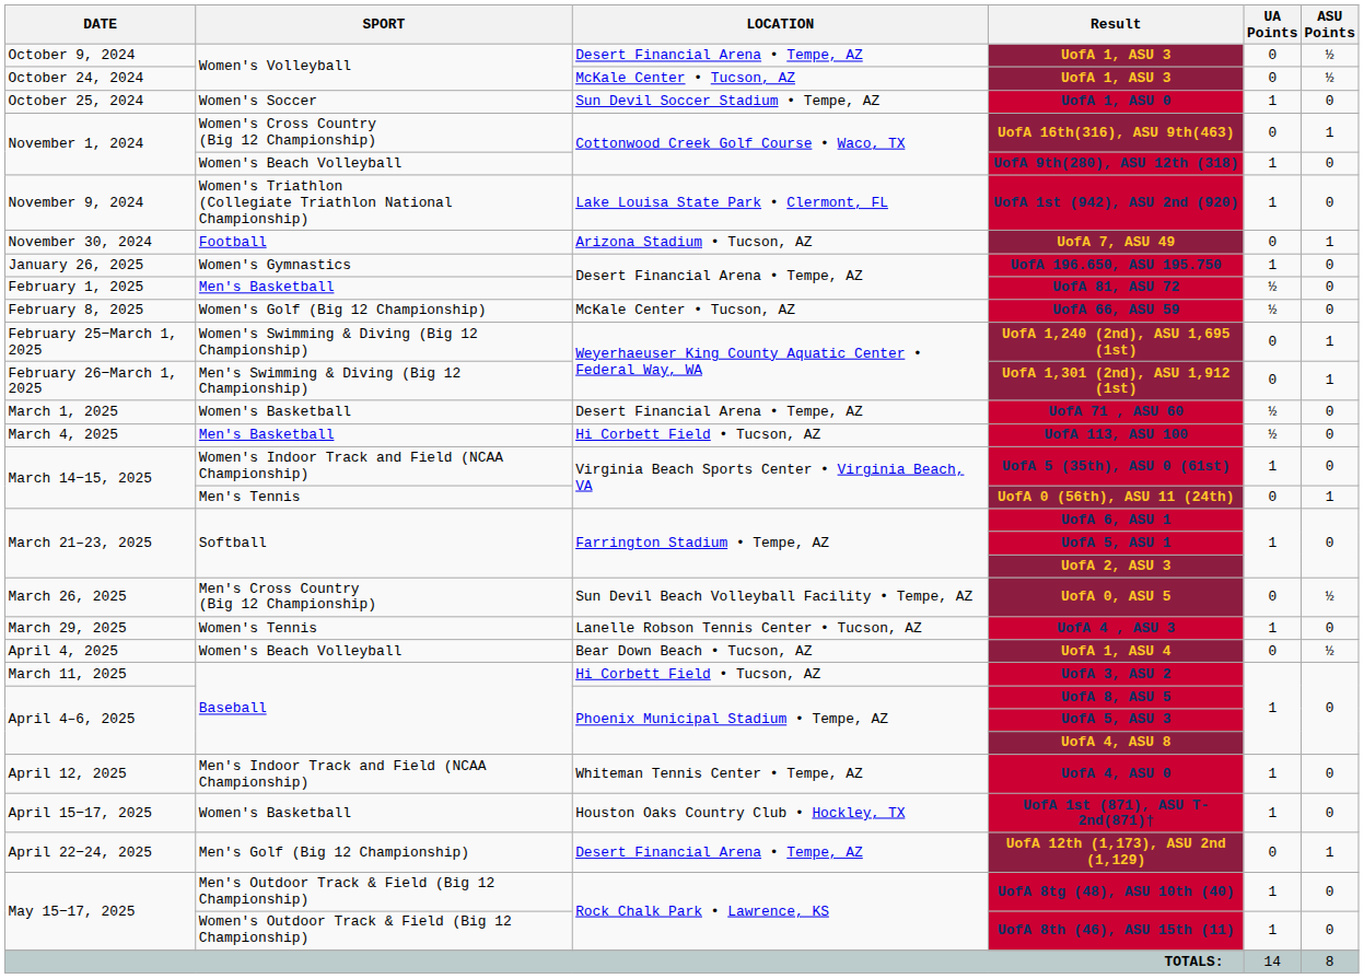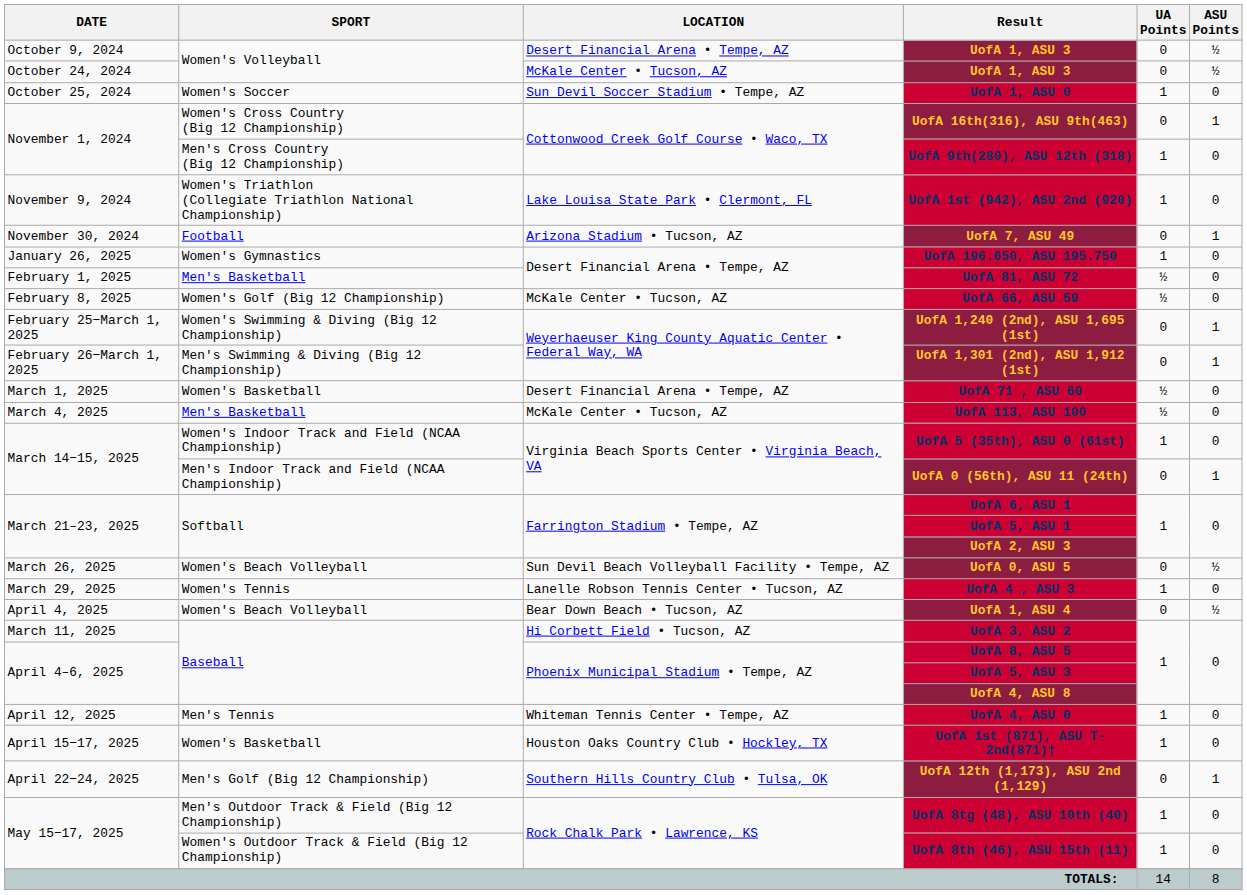 <table class=wikitable>
 <tr>
 <th>DATE</th>
 <th>SPORT</th>
 <th>LOCATION</th>
 <th>Result</th>
 <th>UA<br>Points</th>
 <th>ASU<br>Points</th>
 </tr>
 <tr>
 <td>October 9, 2024</td>
 <td rowspan=2>Women's Volleyball</td>
 <td><a href='#'>Desert Financial Arena</a> • <a href='#'>Tempe, AZ</a></td>
 <th style="background:#8C1D40; color:#FFC627;">UofA 1, ASU 3</th>
 <td align="center">0</td>
 <td align="center">½</td>
 </tr>
 <tr>
 <td>October 24, 2024</td>
 <td><a href='#'>McKale Center</a> • <a href='#'>Tucson, AZ</a></td>
 <th style="background:#8C1D40; color:#FFC627;">UofA 1, ASU 3</th>
 <td align="center">0</td>
 <td align="center">½</td>
 </tr>
 <tr>
 <td>October 25, 2024</td>
 <td>Women's Soccer</td>
 <td><a href='#'>Sun Devil Soccer Stadium</a> • Tempe, AZ</td>
 <th style="background:#CC0033; color:#003366;">UofA 1, ASU 0</th>
 <td align="center">1</td>
 <td align="center">0</td>
 </tr>
 <tr>
 <td rowspan=2>November 1, 2024</td>
 <td>Women's Cross Country<br>(Big 12 Championship)</td>
 <td rowspan=2><a href='#'>Cottonwood Creek Golf Course</a> • <a href='#'>Waco, TX</a></td>
 <th style="background:#8C1D40; color:#FFC627;">UofA 16th(316), ASU 9th(463)</th>
 <td align="center">0</td>
 <td align="center">1</td>
 </tr>
 <tr>
-<td>Women's Beach Volleyball</td>
+<td>Men's Cross Country<br>(Big 12 Championship)</td>
 <th style="background:#CC0033; color:#003366;">UofA 9th(280), ASU 12th (318)</th>
 <td align="center">1</td>
 <td align="center">0</td>
 </tr>
 <tr>
 <td>November 9, 2024</td>
 <td>Women's Triathlon<br>(Collegiate Triathlon National Championship)</td>
 <td><a href='#'>Lake Louisa State Park</a> • <a href='#'>Clermont, FL</a></td>
 <th style="background:#CC0033; color:#003366;">UofA 1st (942), ASU 2nd (920)</th>
 <td align="center">1</td>
 <td align="center">0</td>
 </tr>
 <tr>
 <td>November 30, 2024</td>
 <td><a href='#'>Football</a></td>
 <td><a href='#'>Arizona Stadium</a> • Tucson, AZ</td>
 <th style="background:#8C1D40; color:#FFC627;">UofA 7, ASU 49</th>
 <td align="center">0</td>
 <td align="center">1</td>
 </tr>
 <tr>
 <td>January 26, 2025</td>
 <td>Women's Gymnastics</td>
 <td rowspan="2">Desert Financial Arena • Tempe, AZ</td>
 <th style="background:#CC0033; color:#003366;">UofA 196.650, ASU 195.750</th>
 <td align="center">1</td>
 <td align="center">0</td>
 </tr>
 <tr>
 <td>February 1, 2025</td>
 <td><a href='#'>Men's Basketball</a></td>
 <th style="background:#CC0033; color:#003366;">UofA 81, ASU 72</th>
 <td align="center">½</td>
 <td align="center">0</td>
 </tr>
 <tr>
 <td>February 8, 2025</td>
 <td>Women's Golf (Big 12 Championship)</td>
 <td>McKale Center • Tucson, AZ</td>
 <th style="background:#CC0033; color:#003366;">UofA 66, ASU 59</th>
 <td align="center">½</td>
 <td align="center">0</td>
 </tr>
 <tr>
 <td>February 25−March 1, 2025</td>
 <td>Women's Swimming & Diving (Big 12 Championship)</td>
 <td rowspan="2"><a href='#'>Weyerhaeuser King County Aquatic Center</a> • <a href='#'>Federal Way, WA</a></td>
 <th style="background:#8C1D40; color:#FFC627;">UofA 1,240 (2nd), ASU 1,695 (1st)</th>
 <td align="center">0</td>
 <td align="center">1</td>
 </tr>
 <tr>
 <td>February 26−March 1, 2025</td>
 <td>Men's Swimming & Diving (Big 12 Championship)</td>
 <th style="background:#8C1D40; color:#FFC627;">UofA 1,301 (2nd), ASU 1,912 (1st)</th>
 <td align="center">0</td>
 <td align="center">1</td>
 </tr>
 <tr>
 <td>March 1, 2025</td>
 <td>Women's Basketball</td>
 <td>Desert Financial Arena • Tempe, AZ</td>
 <th style="background:#CC0033; color:#003366;">UofA 71 , ASU 60</th>
 <td align="center">½</td>
 <td align="center">0</td>
 </tr>
 <tr>
 <td>March 4, 2025</td>
 <td><a href='#'>Men's Basketball</a></td>
-<td><a href='#'>Hi Corbett Field</a> • Tucson, AZ</td>
+<td>McKale Center • Tucson, AZ</td>
 <th style="background:#CC0033; color:#003366;">UofA 113, ASU 100</th>
 <td align="center">½</td>
 <td align="center">0</td>
 </tr>
 <tr>
 <td rowspan="2">March 14−15, 2025</td>
 <td>Women's Indoor Track and Field (NCAA Championship)</td>
 <td rowspan="2">Virginia Beach Sports Center • <a href='#'>Virginia Beach, VA</a></td>
 <th style="background:#CC0033; color:#003366;">UofA 5 (35th), ASU 0 (61st)</th>
 <td align="center">1</td>
 <td align="center">0</td>
 </tr>
 <tr>
-<td>Men's Tennis</td>
+<td>Men's Indoor Track and Field (NCAA Championship)</td>
 <th style="background:#8C1D40; color:#FFC627;">UofA 0 (56th), ASU 11 (24th)</th>
 <td align="center">0</td>
 <td align="center">1</td>
 </tr>
 <tr>
 <td rowspan="3">March 21–23, 2025</td>
 <td rowspan="3">Softball</td>
 <td rowspan="3"><a href='#'>Farrington Stadium</a> • Tempe, AZ</td>
 <th style="background:#CC0033; color:#003366;">UofA 6, ASU 1</th>
 <td rowspan="3" align="center">1</td>
 <td rowspan="3" align="center">0</td>
 </tr>
 <tr>
 <th style="background:#CC0033; color:#003366;">UofA 5, ASU 1</th>
 </tr>
 <tr>
 <th style="background:#8C1D40; color:#FFC627;">UofA 2, ASU 3</th>
 </tr>
 <tr>
 <td>March 26, 2025</td>
-<td>Men's Cross Country<br>(Big 12 Championship)</td>
+<td>Women's Beach Volleyball</td>
 <td>Sun Devil Beach Volleyball Facility • Tempe, AZ</td>
 <th style="background:#8C1D40; color:#FFC627;">UofA 0, ASU 5</th>
 <td align="center">0</td>
 <td align="center">½</td>
 </tr>
 <tr>
 <td>March 29, 2025</td>
 <td>Women's Tennis</td>
 <td>Lanelle Robson Tennis Center • Tucson, AZ</td>
 <th style="background:#CC0033; color:#003366;">UofA 4 , ASU 3</th>
 <td align="center">1</td>
 <td align="center">0</td>
 </tr>
 <tr>
 <td>April 4, 2025</td>
 <td>Women's Beach Volleyball</td>
 <td>Bear Down Beach • Tucson, AZ</td>
 <th style="background:#8C1D40; color:#FFC627;">UofA 1, ASU 4</th>
 <td align="center">0</td>
 <td align="center">½</td>
 </tr>
 <tr>
 <td>March 11, 2025</td>
 <td rowspan="4"><a href='#'>Baseball</a></td>
 <td><a href='#'>Hi Corbett Field</a> • Tucson, AZ</td>
 <th style="background:#CC0033; color:#003366;">UofA 3, ASU 2</th>
 <td rowspan="4" align="center">1</td>
 <td rowspan="4" align="center">0</td>
 </tr>
 <tr>
 <td rowspan="3">April 4–6, 2025</td>
 <td rowspan="3"><a href='#'>Phoenix Municipal Stadium</a> • Tempe, AZ</td>
 <th style="background:#CC0033; color:#003366;">UofA 8, ASU 5</th>
 </tr>
 <tr>
 <th style="background:#CC0033; color:#003366;">UofA 5, ASU 3</th>
 </tr>
 <tr>
 <th style="background:#8C1D40; color:#FFC627;">UofA 4, ASU 8</th>
 </tr>
 <tr>
 <td>April 12, 2025</td>
-<td>Men's Indoor Track and Field (NCAA Championship)</td>
+<td>Men's Tennis</td>
 <td>Whiteman Tennis Center • Tempe, AZ</td>
 <th style="background:#CC0033; color:#003366;">UofA 4, ASU 0</th>
 <td align="center">1</td>
 <td align="center">0</td>
 </tr>
 <tr>
 <td>April 15−17, 2025</td>
 <td>Women's Basketball</td>
 <td>Houston Oaks Country Club • <a href='#'>Hockley, TX</a></td>
 <th style="background:#CC0033; color:#003366;">UofA 1st (871), ASU T-2nd(871)†</th>
 <td align="center">1</td>
 <td align="center">0</td>
 </tr>
 <tr>
 <td>April 22−24, 2025</td>
 <td>Men's Golf (Big 12 Championship)</td>
-<td><a href='#'>Desert Financial Arena</a> • <a href='#'>Tempe, AZ</a></td>
+<td><a href='#'>Southern Hills Country Club</a> • <a href='#'>Tulsa, OK</a></td>
 <th style="background:#8C1D40; color:#FFC627;">UofA 12th (1,173), ASU 2nd (1,129)</th>
 <td align="center">0</td>
 <td align="center">1</td>
 </tr>
 <tr>
 <td rowspan=2>May 15−17, 2025</td>
 <td>Men's Outdoor Track & Field (Big 12 Championship)</td>
 <td rowspan=2><a href='#'>Rock Chalk Park</a> • <a href='#'>Lawrence, KS</a></td>
 <th style="background:#CC0033; color:#003366;">UofA 8tg (48), ASU 10th (40)</th>
 <td align="center">1</td>
 <td align="center">0</td>
 </tr>
 <tr>
 <td>Women's Outdoor Track & Field (Big 12 Championship)</td>
 <th style="background:#CC0033; color:#003366;">UofA 8th (46), ASU 15th (11)</th>
 <td align="center">1</td>
 <td align="center">0</td>
 </tr>
 <tr>
 </tr>
 <tr style="background:#bccccc;">
 <td colspan="4" style="text-align:right;"><strong>TOTALS:</strong>  </td>
 <td style="text-align:center;">14</td>
 <td style="text-align:center;">8</td>
 </tr>
 </table>
